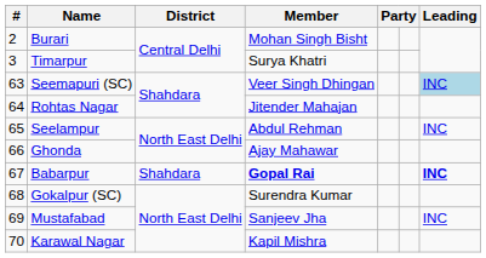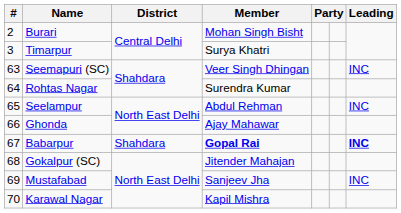 <table class="wikitable sortable">
 <tr>
 <th>#</th>
 <th>Name</th>
 <th>District</th>
 <th>Member</th>
 <th colspan=2>Party</th>
 <th colspan="2">Leading<br></th>
 </tr>
 <tr>
 <td>2</td>
 <td><a href='#'>Burari</a></td>
 <td rowspan="2"><a href='#'>Central Delhi</a></td>
 <td><a href='#'>Mohan Singh Bisht</a></td>
 <td></td>
 <td></td>
 </tr>
 <tr>
 <td>3</td>
 <td><a href='#'>Timarpur</a></td>
 <td>Surya Khatri</td>
 <td></td>
 <td></td>
 </tr>
 <tr>
 <td>63</td>
 <td><a href='#'>Seemapuri</a> (SC)</td>
 <td rowspan="2"><a href='#'>Shahdara</a></td>
 <td><a href='#'>Veer Singh Dhingan</a></td>
 <td></td>
 <td style="background-color:"></td>
-<td style="background: lightblue;"><a href='#'>INC</a></td>
+<td><a href='#'>INC</a></td>
 </tr>
 <tr>
 <td>64</td>
 <td><a href='#'>Rohtas Nagar</a></td>
-<td><a href='#'>Jitender Mahajan</a></td>
+<td>Surendra Kumar</td>
 <td></td>
 <td></td>
 </tr>
 <tr>
 <td>65</td>
 <td><a href='#'>Seelampur</a></td>
 <td rowspan="2"><a href='#'>North East Delhi</a></td>
 <td><a href='#'>Abdul Rehman</a></td>
 <td></td>
 <td style="background-color:"></td>
 <td><a href='#'>INC</a></td>
 </tr>
 <tr>
 <td>66</td>
 <td><a href='#'>Ghonda</a></td>
 <td><a href='#'>Ajay Mahawar</a></td>
 <td></td>
 <td></td>
 </tr>
 <tr>
 <td>67</td>
 <td><a href='#'>Babarpur</a></td>
 <td><a href='#'>Shahdara</a></td>
 <td><strong><a href='#'>Gopal Rai</a></strong></td>
 <td></td>
 <td style="background-color:"></td>
 <td><strong><a href='#'>INC</a></strong></td>
 </tr>
 <tr>
 <td>68</td>
 <td><a href='#'>Gokalpur</a> (SC)</td>
 <td rowspan="3"><a href='#'>North East Delhi</a></td>
-<td>Surendra Kumar</td>
+<td><a href='#'>Jitender Mahajan</a></td>
 <td></td>
 <td></td>
 </tr>
 <tr>
 <td>69</td>
 <td><a href='#'>Mustafabad</a></td>
 <td><a href='#'>Sanjeev Jha</a></td>
 <td></td>
 <td style="background-color:"></td>
 <td><a href='#'>INC</a></td>
 </tr>
 <tr>
 <td>70</td>
 <td><a href='#'>Karawal Nagar</a></td>
 <td><a href='#'>Kapil Mishra</a></td>
 <td></td>
 <td></td>
 </tr>
 </table>
